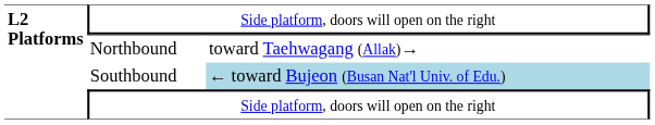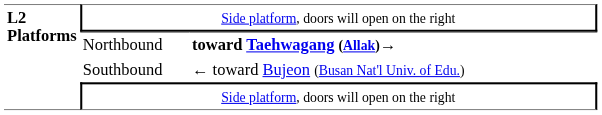 <table table border=0 cellspacing=0 cellpadding=3>
 <tr>
 <td style="border-top:solid 1px gray;border-bottom:solid 1px gray;" width=50 rowspan=10 valign=top><strong>L2<br>Platforms</strong></td>
 <td style="border-top:solid 1px gray;border-right:solid 2px black;border-left:solid 2px black;border-bottom:solid 2px black;text-align:center;" colspan=2><small><a href='#'>Side platform</a>, doors will open on the right</small></td>
 </tr>
 <tr>
 <td style="border-bottom:solid 0px gray;border-top:solid 1px gray;" width=100>Northbound</td>
-<td style="border-bottom:solid 0px gray;border-top:solid 1px gray;" width=390>  toward <a href='#'>Taehwagang</a> <small>(<a href='#'>Allak</a>)</small>→</td>
+<td style="border-bottom:solid 0px gray;border-top:solid 1px gray;" width=390><strong>  toward <a href='#'>Taehwagang</a> <small>(<a href='#'>Allak</a>)</small>→</strong></td>
 </tr>
 <tr>
 <td>Southbound</td>
-<td style="background: lightblue;">←  toward <a href='#'>Bujeon</a> <small>(<a href='#'>Busan Nat'l Univ. of Edu.</a>)</small></td>
+<td>←  toward <a href='#'>Bujeon</a> <small>(<a href='#'>Busan Nat'l Univ. of Edu.</a>)</small></td>
 </tr>
 <tr>
 <td style="border-top:solid 2px black;border-right:solid 2px black;border-left:solid 2px black;border-bottom:solid 1px gray;text-align:center;" colspan=2><small><a href='#'>Side platform</a>, doors will open on the right</small></td>
 </tr>
 </table>
